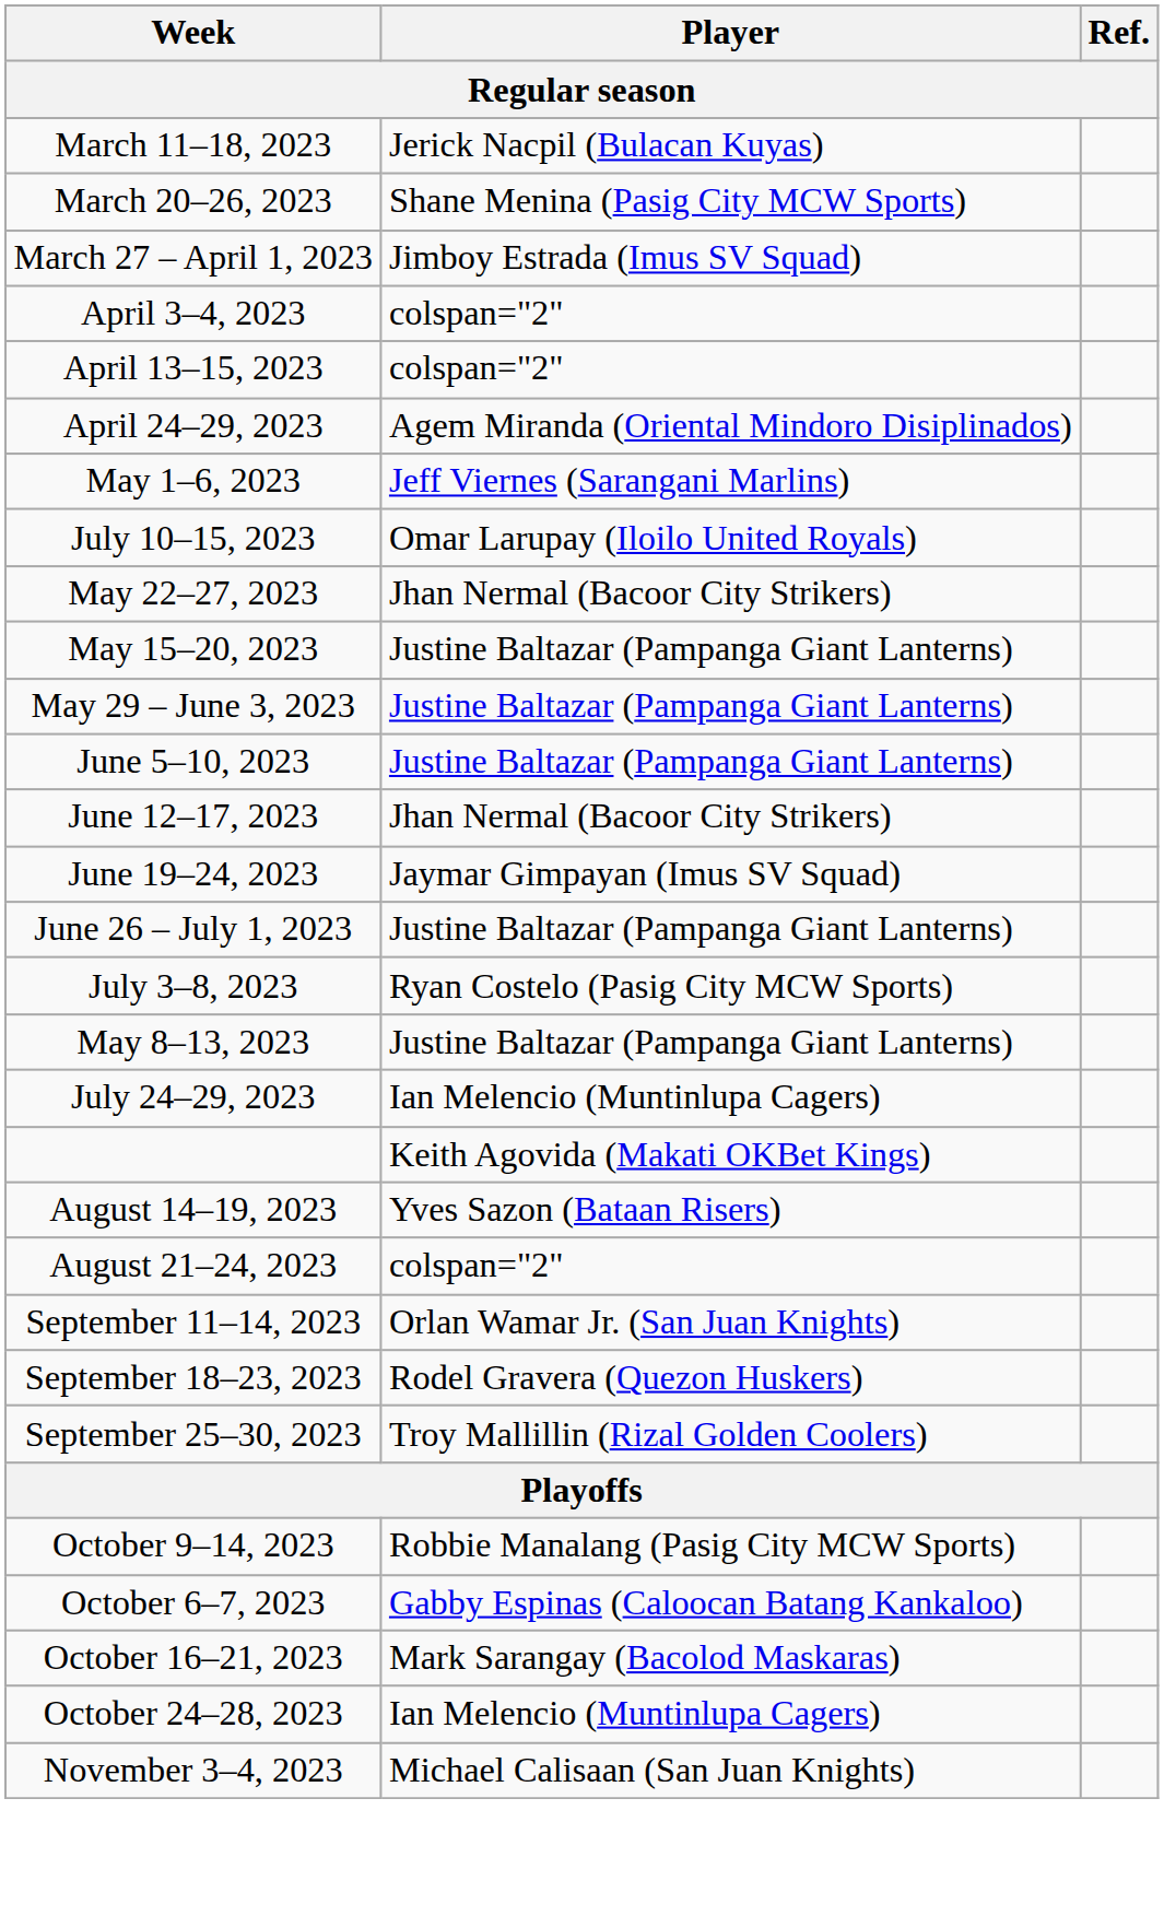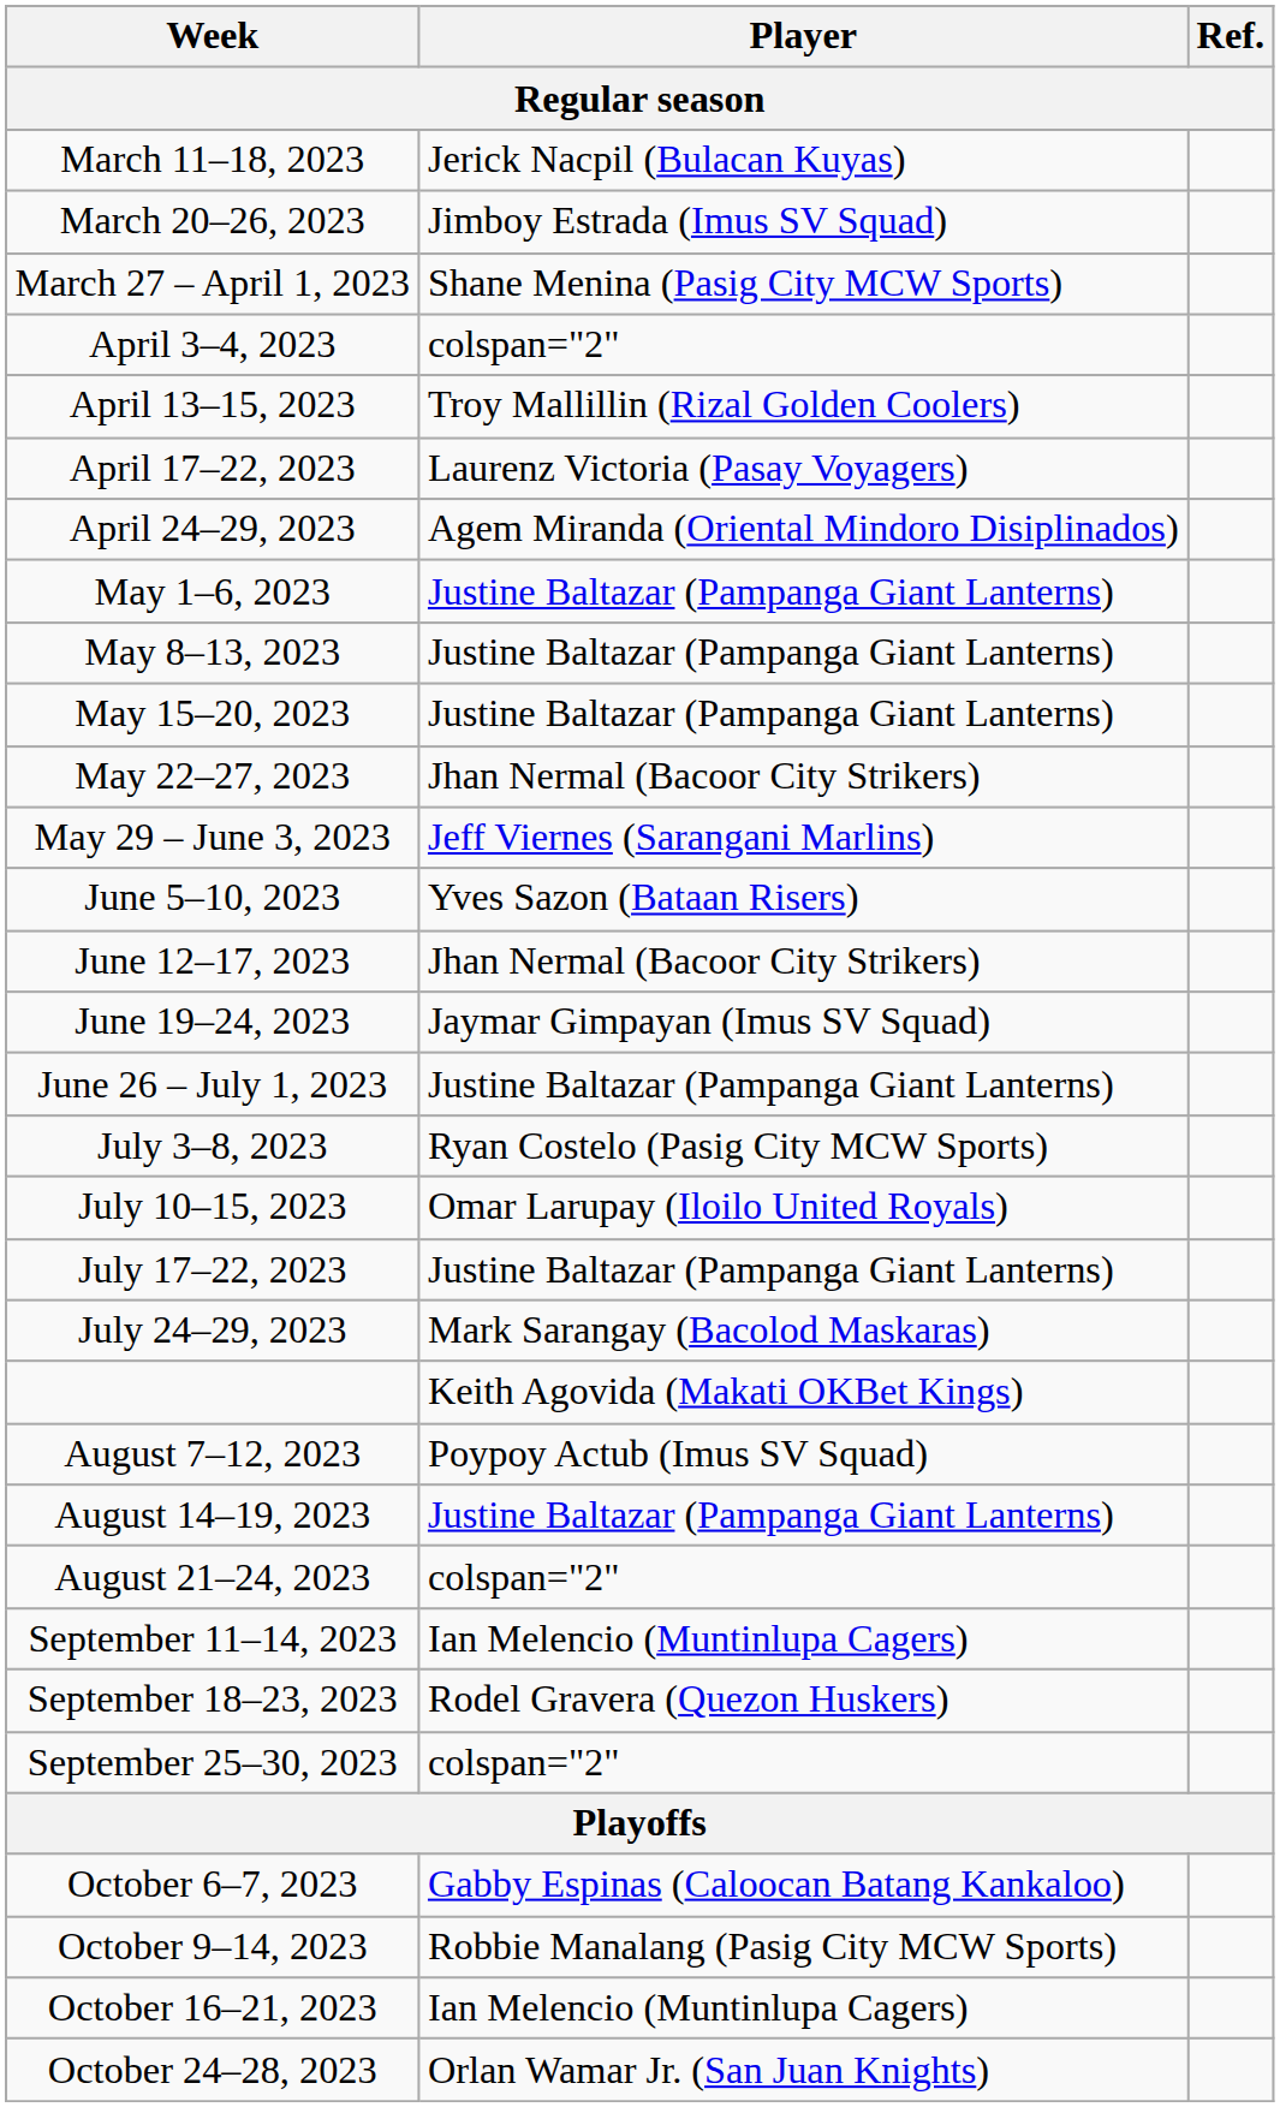 <table class="wikitable">
 <tr>
 <th>Week</th>
 <th>Player</th>
 <th>Ref.</th>
 </tr>
 <tr>
 <th colspan="3">Regular season</th>
 </tr>
 <tr>
 <td align=center>March 11–18, 2023</td>
 <td>Jerick Nacpil (<a href='#'>Bulacan Kuyas</a>)</td>
 <td></td>
 </tr>
 <tr>
 <td align=center>March 20–26, 2023</td>
-<td>Shane Menina (<a href='#'>Pasig City MCW Sports</a>)</td>
+<td>Jimboy Estrada (<a href='#'>Imus SV Squad</a>)</td>
 <td></td>
 </tr>
 <tr>
 <td align=center>March 27 – April 1, 2023</td>
-<td>Jimboy Estrada (<a href='#'>Imus SV Squad</a>)</td>
+<td>Shane Menina (<a href='#'>Pasig City MCW Sports</a>)</td>
 <td></td>
 </tr>
 <tr>
 <td align=center>April 3–4, 2023</td>
 <td>colspan="2" </td>
 </tr>
 <tr>
 <td align=center>April 13–15, 2023</td>
-<td>colspan="2" </td>
+<td>Troy Mallillin (<a href='#'>Rizal Golden Coolers</a>)</td>
+<td></td>
+</tr>
+<tr>
+<td align=center>April 17–22, 2023</td>
+<td>Laurenz Victoria (<a href='#'>Pasay Voyagers</a>)</td>
 <td></td>
 </tr>
 <tr>
 <td align=center>April 24–29, 2023</td>
 <td>Agem Miranda (<a href='#'>Oriental Mindoro Disiplinados</a>)</td>
 <td></td>
 </tr>
 <tr>
 <td align=center>May 1–6, 2023</td>
-<td><a href='#'>Jeff Viernes</a> (<a href='#'>Sarangani Marlins</a>)</td>
+<td><a href='#'>Justine Baltazar</a> (<a href='#'>Pampanga Giant Lanterns</a>) </td>
 <td></td>
 </tr>
 <tr>
-<td align=center>July 10–15, 2023</td>
-<td>Omar Larupay (<a href='#'>Iloilo United Royals</a>)</td>
+<td align=center>May 8–13, 2023</td>
+<td>Justine Baltazar (Pampanga Giant Lanterns) </td>
+<td></td>
+</tr>
+<tr>
+<td align=center>May 15–20, 2023</td>
+<td>Justine Baltazar (Pampanga Giant Lanterns) </td>
 <td></td>
 </tr>
 <tr>
 <td align=center>May 22–27, 2023</td>
 <td>Jhan Nermal (Bacoor City Strikers) </td>
 <td></td>
 </tr>
 <tr>
-<td align=center>May 15–20, 2023</td>
-<td>Justine Baltazar (Pampanga Giant Lanterns) </td>
-<td></td>
-</tr>
-<tr>
 <td align=center>May 29 – June 3, 2023</td>
-<td><a href='#'>Justine Baltazar</a> (<a href='#'>Pampanga Giant Lanterns</a>) </td>
+<td><a href='#'>Jeff Viernes</a> (<a href='#'>Sarangani Marlins</a>)</td>
 <td></td>
 </tr>
 <tr>
 <td align=center>June 5–10, 2023</td>
-<td><a href='#'>Justine Baltazar</a> (<a href='#'>Pampanga Giant Lanterns</a>) </td>
+<td>Yves Sazon (<a href='#'>Bataan Risers</a>)</td>
 <td></td>
 </tr>
 <tr>
 <td align=center>June 12–17, 2023</td>
 <td>Jhan Nermal (Bacoor City Strikers) </td>
 <td></td>
 </tr>
 <tr>
 <td align=center>June 19–24, 2023</td>
 <td>Jaymar Gimpayan (Imus SV Squad)</td>
 <td></td>
 </tr>
 <tr>
 <td align=center>June 26 – July 1, 2023</td>
 <td>Justine Baltazar (Pampanga Giant Lanterns) </td>
 <td></td>
 </tr>
 <tr>
 <td align=center>July 3–8, 2023</td>
 <td>Ryan Costelo (Pasig City MCW Sports)</td>
 <td></td>
 </tr>
 <tr>
-<td align=center>May 8–13, 2023</td>
+<td align=center>July 10–15, 2023</td>
+<td>Omar Larupay (<a href='#'>Iloilo United Royals</a>)</td>
+<td></td>
+</tr>
+<tr>
+<td align=center>July 17–22, 2023</td>
 <td>Justine Baltazar (Pampanga Giant Lanterns) </td>
 <td></td>
 </tr>
 <tr>
 <td align=center>July 24–29, 2023</td>
-<td>Ian Melencio (Muntinlupa Cagers)</td>
+<td>Mark Sarangay (<a href='#'>Bacolod Maskaras</a>)</td>
 <td></td>
 </tr>
 <tr>
 <td align=center></td>
 <td>Keith Agovida (<a href='#'>Makati OKBet Kings</a>)</td>
 <td></td>
 </tr>
 <tr>
+<td align=center>August 7–12, 2023</td>
+<td>Poypoy Actub (Imus SV Squad)</td>
+<td></td>
+</tr>
+<tr>
 <td align=center>August 14–19, 2023</td>
-<td>Yves Sazon (<a href='#'>Bataan Risers</a>)</td>
+<td><a href='#'>Justine Baltazar</a> (<a href='#'>Pampanga Giant Lanterns</a>) </td>
 <td></td>
 </tr>
 <tr>
 <td align=center>August 21–24, 2023</td>
 <td>colspan="2" </td>
 </tr>
 <tr>
 <td align=center>September 11–14, 2023</td>
-<td>Orlan Wamar Jr. (<a href='#'>San Juan Knights</a>)</td>
+<td>Ian Melencio (<a href='#'>Muntinlupa Cagers</a>)</td>
 <td></td>
 </tr>
 <tr>
 <td align=center>September 18–23, 2023</td>
 <td>Rodel Gravera (<a href='#'>Quezon Huskers</a>)</td>
 <td></td>
 </tr>
 <tr>
 <td align=center>September 25–30, 2023</td>
-<td>Troy Mallillin (<a href='#'>Rizal Golden Coolers</a>)</td>
+<td>colspan="2" </td>
 </tr>
 <tr>
 <th colspan="3">Playoffs</th>
+</tr>
+<tr>
+<td align=center>October 6–7, 2023</td>
+<td><a href='#'>Gabby Espinas</a> (<a href='#'>Caloocan Batang Kankaloo</a>)</td>
+<td></td>
 </tr>
 <tr>
 <td align=center>October 9–14, 2023</td>
 <td>Robbie Manalang (Pasig City MCW Sports)</td>
 <td></td>
 </tr>
 <tr>
-<td align=center>October 6–7, 2023</td>
-<td><a href='#'>Gabby Espinas</a> (<a href='#'>Caloocan Batang Kankaloo</a>)</td>
-<td></td>
-</tr>
-<tr>
 <td align=center>October 16–21, 2023</td>
-<td>Mark Sarangay (<a href='#'>Bacolod Maskaras</a>)</td>
+<td>Ian Melencio (Muntinlupa Cagers)</td>
 <td></td>
 </tr>
 <tr>
 <td align=center>October 24–28, 2023</td>
-<td>Ian Melencio (<a href='#'>Muntinlupa Cagers</a>)</td>
-<td></td>
-</tr>
-<tr>
-<td align=center>November 3–4, 2023</td>
-<td>Michael Calisaan (San Juan Knights)</td>
+<td>Orlan Wamar Jr. (<a href='#'>San Juan Knights</a>)</td>
 <td></td>
 </tr>
 </table>
